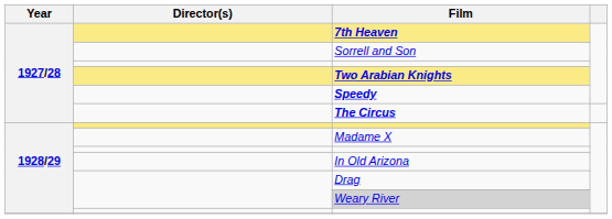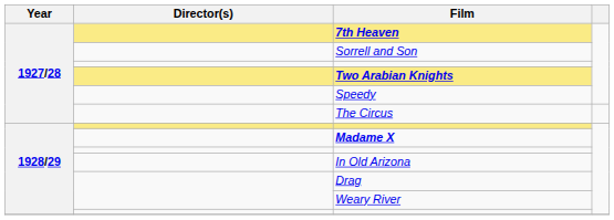 <table class="wikitable sortable">
 <tr>
 <th scope="col" style="width:8%;">Year</th>
 <th scope="col" style="width:30%;">Director(s)</th>
 <th scope="col" style="width:30%;">Film</th>
 <th scope="col" style="width:2%;" class="unsortable"></th>
 </tr>
 <tr>
 <th scope="row" rowspan=6 style="text-align:center;"><a href='#'>1927</a>/<a href='#'>28</a> <br></th>
 <td style="background:#FAEB86;"><strong></strong></td>
 <td style="background:#FAEB86;"><strong><em><a href='#'>7th Heaven</a></em></strong></td>
 <td rowspan="5"></td>
 </tr>
 <tr>
 <td></td>
 <td><em><a href='#'>Sorrell and Son</a></em></td>
 </tr>
 <tr>
 <td></td>
 <td><em></em></td>
 </tr>
 <tr>
 <td style="background:#FAEB86;"><strong></strong></td>
 <td style="background:#FAEB86;"><strong><em><a href='#'>Two Arabian Knights</a></em></strong></td>
 </tr>
 <tr>
 <td></td>
-<td><strong><em><a href='#'>Speedy</a></em></strong></td>
+<td><em><a href='#'>Speedy</a></em></td>
 </tr>
 <tr>
 <td></td>
-<td><strong><em><a href='#'>The Circus</a></em></strong></td>
+<td><em><a href='#'>The Circus</a></em></td>
 <td></td>
 </tr>
 <tr>
 <th scope="row" rowspan=7 "style=text-align:center;"><a href='#'>1928</a>/<a href='#'>29</a><br><br></th>
 <td style="background:#FAEB86;"><strong></strong></td>
 <td style="background:#FAEB86;"><strong><em></em></strong></td>
 <td rowspan="7"></td>
 </tr>
 <tr>
 <td></td>
-<td><em><a href='#'>Madame X</a></em></td>
+<td><strong><em><a href='#'>Madame X</a></em></strong></td>
 </tr>
 <tr>
 <td></td>
 <td></td>
 </tr>
 <tr>
 <td></td>
 <td><em><a href='#'>In Old Arizona</a></em></td>
 </tr>
 <tr>
 <td rowspan="2"></td>
 <td><em><a href='#'>Drag</a></em></td>
 </tr>
 <tr>
-<td style="background: lightgrey;"><em><a href='#'>Weary River</a></em></td>
+<td><em><a href='#'>Weary River</a></em></td>
 </tr>
 <tr>
 <td></td>
 <td><em></em></td>
 </tr>
 <tr>
 </tr>
 </table>
